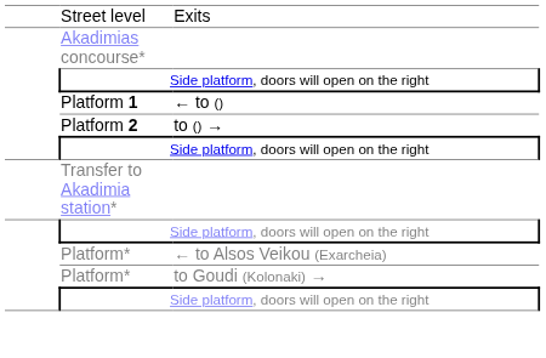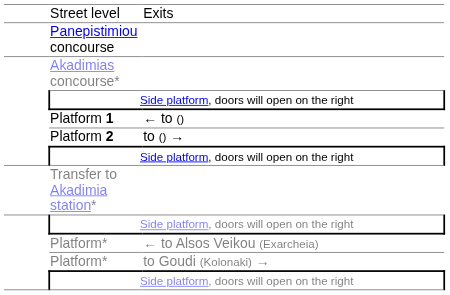 <table style="border-collapse:collapse">
 <tr style="border-top:1px solid gray">
 <td style="width:50px"><strong></strong></td>
 <td style="width:105px">Street level</td>
 <td style="width:345px">Exits</td>
+</tr>
+<tr style="border-top:1px solid gray">
+<td><strong></strong></td>
+<td><a href='#'>Panepistimiou</a> concourse</td>
+<td></td>
 </tr>
 <tr style="border-top:1px solid gray">
 <td rowspan=5><strong></strong></td>
 <td style="opacity:0.5"><a href='#'>Akadimias</a> concourse*</td>
 <td style="opacity:0.5"></td>
 </tr>
 <tr style="border-top:1px solid gray">
 <td colspan=2 style="border-right:solid 2px black;border-left:solid 2px black;border-bottom:solid 2px black;text-align:center"><small><a href='#'>Side platform</a>, doors will open on the right</small></td>
 </tr>
 <tr>
 <td>Platform <strong>1</strong></td>
 <td>←  to  <small>()</small></td>
 </tr>
 <tr style="border-top:1px solid gray">
 <td>Platform <strong>2</strong></td>
 <td>  to  <small>()</small> →</td>
 </tr>
 <tr>
 <td colspan=2 style="border-right:solid 2px black;border-left:solid 2px black;border-top:solid 2px black;text-align:center"><small><a href='#'>Side platform</a>, doors will open on the right</small></td>
 </tr>
 <tr style="opacity:0.5;border-top:1px solid gray">
 <td><strong></strong></td>
 <td>Transfer to <a href='#'>Akadimia station</a>*</td>
 </tr>
 <tr style="opacity:0.5;border-top:1px solid gray">
 <td rowspan=4 style="border-bottom:1px solid gray"><strong></strong></td>
 <td colspan=2 style="border-right:solid 2px black;border-left:solid 2px black;border-bottom:solid 2px black;text-align:center"><small><a href='#'>Side platform</a>, doors will open on the right</small></td>
 </tr>
 <tr style="opacity:0.5">
 <td>Platform*</td>
 <td>←  to Alsos Veikou <small>(Exarcheia)</small></td>
 </tr>
 <tr style="opacity:0.5;border-top:1px solid gray">
 <td>Platform*</td>
 <td>  to Goudi <small>(Kolonaki)</small> →</td>
 </tr>
 <tr style="opacity:0.5">
 <td colspan=2 style="border-right:solid 2px black;border-left:solid 2px black;border-top:solid 2px black;text-align:center;border-bottom:1px solid gray"><small><a href='#'>Side platform</a>, doors will open on the right</small></td>
 </tr>
 </table>
